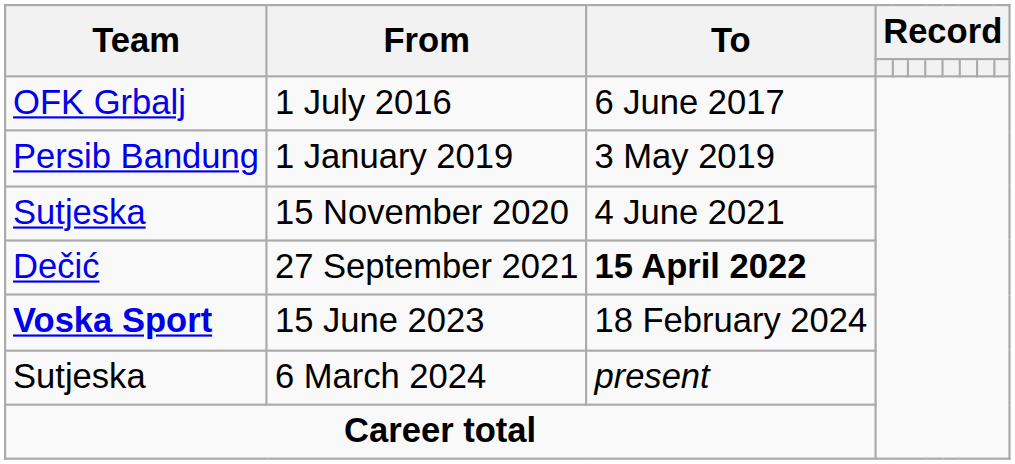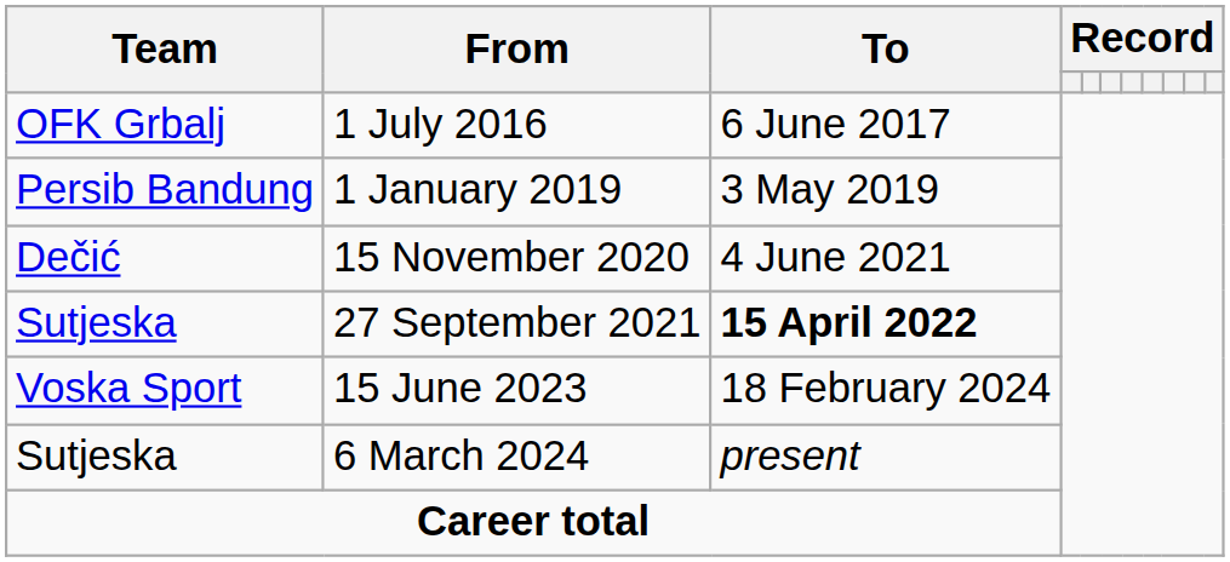 <table class="wikitable" style="text-align:center">
 <tr>
 <th rowspan="2">Team</th>
 <th rowspan="2">From</th>
 <th rowspan="2">To</th>
 <th colspan="8">Record</th>
 </tr>
 <tr>
 <th></th>
 <th></th>
 <th></th>
 <th></th>
 <th></th>
 <th></th>
 <th></th>
 <th></th>
 </tr>
 <tr>
 <td align="left"><a href='#'>OFK Grbalj</a></td>
 <td align=left>1 July 2016</td>
 <td align=left>6 June 2017<br></td>
 </tr>
 <tr>
 <td align="left"><a href='#'>Persib Bandung</a></td>
 <td align=left>1 January 2019</td>
 <td align=left>3 May 2019<br></td>
 </tr>
 <tr>
-<td align="left"><a href='#'>Sutjeska</a></td>
+<td align="left"><a href='#'>Dečić</a></td>
 <td align=left>15 November 2020</td>
 <td align=left>4 June 2021<br></td>
 </tr>
 <tr>
-<td align="left"><a href='#'>Dečić</a></td>
+<td align="left"><a href='#'>Sutjeska</a></td>
 <td align=left>27 September 2021</td>
 <td align=left><strong>15 April 2022<br></strong></td>
 </tr>
 <tr>
-<td align="left"><strong><a href='#'>Voska Sport</a></strong></td>
+<td align="left"><a href='#'>Voska Sport</a></td>
 <td align=left>15 June 2023</td>
 <td align=left>18 February 2024<br></td>
 </tr>
 <tr>
 <td align="left">Sutjeska</td>
 <td align=left>6 March 2024</td>
 <td align=left><em>present</em><br></td>
 </tr>
 <tr>
 <td colspan=3><strong>Career total</strong><br></td>
 </tr>
 </table>
